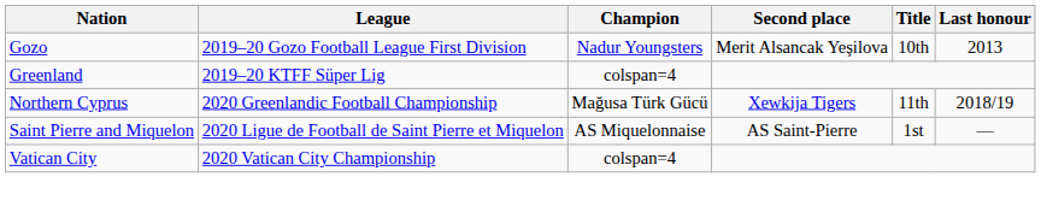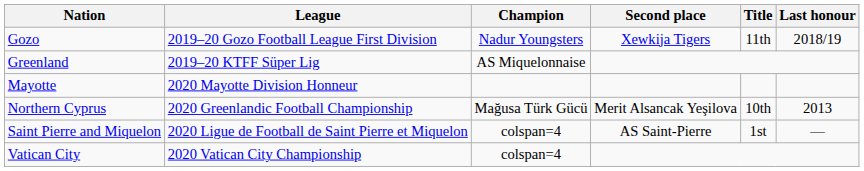 <table class="wikitable sortable" style="text-align:center;">
 <tr>
 <th>Nation</th>
 <th>League</th>
 <th>Champion</th>
 <th>Second place</th>
 <th data-sort-type="number">Title</th>
 <th>Last honour</th>
 </tr>
 <tr>
 <td align=left> <a href='#'>Gozo</a></td>
 <td align=left><a href='#'>2019–20 Gozo Football League First Division</a></td>
 <td><a href='#'>Nadur Youngsters</a></td>
+<td><a href='#'>Xewkija Tigers</a></td>
+<td>11th</td>
+<td>2018/19</td>
+</tr>
+<tr>
+<td align=left> <a href='#'>Greenland</a></td>
+<td align=left><a href='#'>2019–20 KTFF Süper Lig</a></td>
+<td>AS Miquelonnaise</td>
+</tr>
+<tr>
+<td align=left> <a href='#'>Mayotte</a></td>
+<td align=left><a href='#'>2020 Mayotte Division Honneur</a></td>
+<td></td>
+<td></td>
+<td></td>
+<td></td>
+</tr>
+<tr>
+<td align=left> <a href='#'>Northern Cyprus</a></td>
+<td align=left><a href='#'>2020 Greenlandic Football Championship</a></td>
+<td>Mağusa Türk Gücü</td>
 <td>Merit Alsancak Yeşilova</td>
 <td>10th</td>
 <td>2013</td>
 </tr>
 <tr>
-<td align=left> <a href='#'>Greenland</a></td>
-<td align=left><a href='#'>2019–20 KTFF Süper Lig</a></td>
-<td>colspan=4 </td>
-</tr>
-<tr>
-<td align=left> <a href='#'>Northern Cyprus</a></td>
-<td align=left><a href='#'>2020 Greenlandic Football Championship</a></td>
-<td>Mağusa Türk Gücü</td>
-<td><a href='#'>Xewkija Tigers</a></td>
-<td>11th</td>
-<td>2018/19</td>
-</tr>
-<tr>
 <td align=left> <a href='#'>Saint Pierre and Miquelon</a></td>
 <td align=left><a href='#'>2020 Ligue de Football de Saint Pierre et Miquelon</a></td>
-<td>AS Miquelonnaise</td>
+<td>colspan=4 </td>
 <td>AS Saint-Pierre</td>
 <td>1st</td>
 <td>—</td>
 </tr>
 <tr>
 <td align=left> <a href='#'>Vatican City</a></td>
 <td align=left><a href='#'>2020 Vatican City Championship</a></td>
 <td>colspan=4 </td>
 </tr>
 </table>
